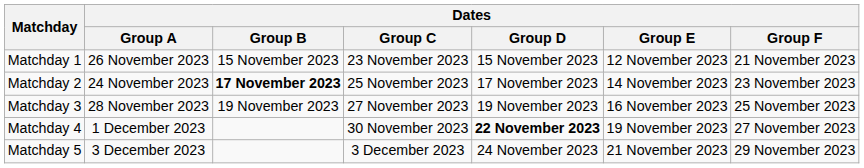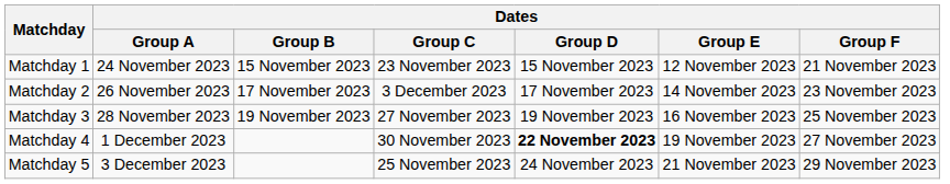 <table class="wikitable" style="text-align:center">
 <tr>
 <th rowspan="2">Matchday</th>
 <th colspan="6">Dates</th>
 </tr>
 <tr>
 <th>Group A</th>
 <th>Group B</th>
 <th>Group C</th>
 <th>Group D</th>
 <th>Group E</th>
 <th>Group F</th>
 </tr>
 <tr>
 <td>Matchday 1</td>
-<td>26 November 2023</td>
+<td>24 November 2023</td>
 <td>15 November 2023</td>
 <td>23 November 2023</td>
 <td>15 November 2023</td>
 <td>12 November 2023</td>
 <td>21 November 2023</td>
 </tr>
 <tr>
 <td>Matchday 2</td>
-<td>24 November 2023</td>
-<td><strong>17 November 2023</strong></td>
-<td>25 November 2023</td>
+<td>26 November 2023</td>
+<td>17 November 2023</td>
+<td>3 December 2023</td>
 <td>17 November 2023</td>
 <td>14 November 2023</td>
 <td>23 November 2023</td>
 </tr>
 <tr>
 <td>Matchday 3</td>
 <td>28 November 2023</td>
 <td>19 November 2023</td>
 <td>27 November 2023</td>
 <td>19 November 2023</td>
 <td>16 November 2023</td>
 <td>25 November 2023</td>
 </tr>
 <tr>
 <td>Matchday 4</td>
 <td>1 December 2023</td>
 <td></td>
 <td>30 November 2023</td>
 <td><strong>22 November 2023</strong></td>
 <td>19 November 2023</td>
 <td>27 November 2023</td>
 </tr>
 <tr>
 <td>Matchday 5</td>
 <td>3 December 2023</td>
 <td></td>
-<td>3 December 2023</td>
+<td>25 November 2023</td>
 <td>24 November 2023</td>
 <td>21 November 2023</td>
 <td>29 November 2023</td>
 </tr>
 </table>
